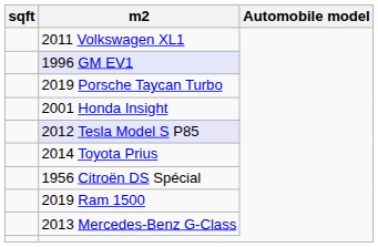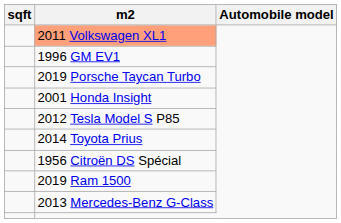 <table class="wikitable sortable">
 <tr>
 <th> sqft</th>
 <th> m2</th>
 <th>Automobile model</th>
 </tr>
 <tr>
 <td></td>
-<td>2011 <a href='#'>Volkswagen XL1</a></td>
+<td style="background: lightsalmon;">2011 <a href='#'>Volkswagen XL1</a></td>
 </tr>
 <tr>
 <td></td>
-<td style="background: lavender;">1996 <a href='#'>GM EV1</a></td>
+<td>1996 <a href='#'>GM EV1</a></td>
 </tr>
 <tr>
 <td></td>
 <td>2019 <a href='#'>Porsche Taycan Turbo</a></td>
 </tr>
 <tr>
 <td></td>
 <td>2001 <a href='#'>Honda Insight</a></td>
 </tr>
 <tr>
 <td></td>
-<td style="background: lavender;">2012 <a href='#'>Tesla Model S</a> P85</td>
+<td>2012 <a href='#'>Tesla Model S</a> P85</td>
 </tr>
 <tr>
 <td></td>
 <td>2014 <a href='#'>Toyota Prius</a></td>
 </tr>
 <tr>
 <td></td>
 <td>1956 <a href='#'>Citroën DS</a> Spécial</td>
 </tr>
 <tr>
 <td></td>
 <td>2019 <a href='#'>Ram 1500</a></td>
 </tr>
 <tr>
 <td></td>
 <td>2013 <a href='#'>Mercedes-Benz G-Class</a></td>
 </tr>
 <tr>
 <td></td>
 </tr>
 </table>
